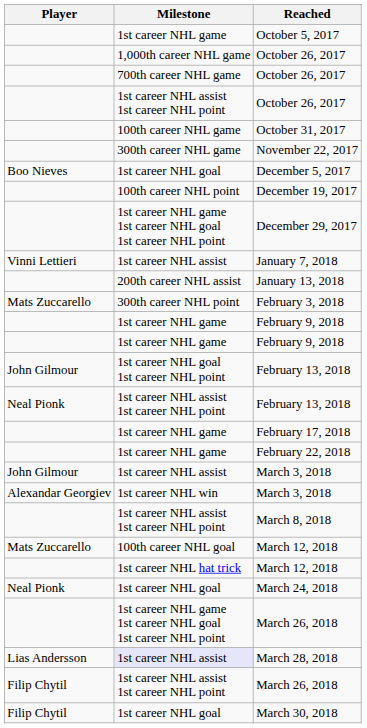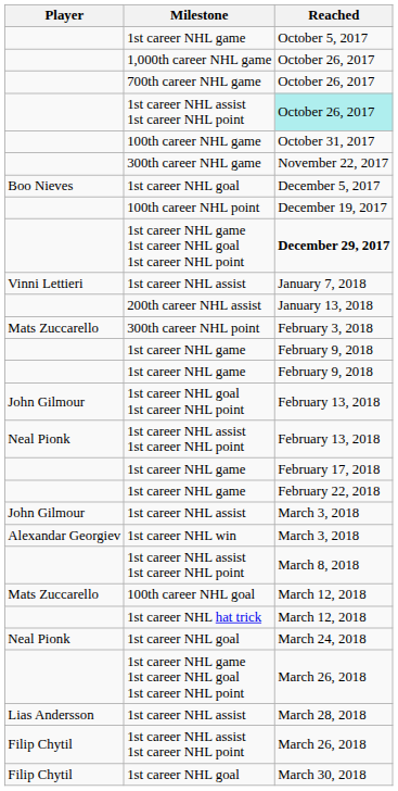 <table class="wikitable sortable" style="width:auto%;">
 <tr align=center>
 <th>Player</th>
 <th>Milestone</th>
 <th>Reached</th>
 </tr>
 <tr>
 <td></td>
 <td>1st career NHL game</td>
 <td>October 5, 2017</td>
 </tr>
 <tr>
 <td></td>
 <td>1,000th career NHL game</td>
 <td>October 26, 2017</td>
 </tr>
 <tr>
 <td></td>
 <td>700th career NHL game</td>
 <td>October 26, 2017</td>
 </tr>
 <tr>
 <td></td>
 <td>1st career NHL assist<br>1st career NHL point</td>
-<td>October 26, 2017</td>
+<td style="background: paleturquoise;">October 26, 2017</td>
 </tr>
 <tr>
 <td></td>
 <td>100th career NHL game</td>
 <td>October 31, 2017</td>
 </tr>
 <tr>
 <td></td>
 <td>300th career NHL game</td>
 <td>November 22, 2017</td>
 </tr>
 <tr>
 <td>Boo Nieves</td>
 <td>1st career NHL goal</td>
 <td>December 5, 2017</td>
 </tr>
 <tr>
 <td></td>
 <td>100th career NHL point</td>
 <td>December 19, 2017</td>
 </tr>
 <tr>
 <td></td>
 <td>1st career NHL game<br>1st career NHL goal<br>1st career NHL point</td>
-<td>December 29, 2017</td>
+<td><strong>December 29, 2017</strong></td>
 </tr>
 <tr>
 <td>Vinni Lettieri</td>
 <td>1st career NHL assist</td>
 <td>January 7, 2018</td>
 </tr>
 <tr>
 <td></td>
 <td>200th career NHL assist</td>
 <td>January 13, 2018</td>
 </tr>
 <tr>
 <td>Mats Zuccarello</td>
 <td>300th career NHL point</td>
 <td>February 3, 2018</td>
 </tr>
 <tr>
 <td></td>
 <td>1st career NHL game</td>
 <td>February 9, 2018</td>
 </tr>
 <tr>
 <td></td>
 <td>1st career NHL game</td>
 <td>February 9, 2018</td>
 </tr>
 <tr>
 <td>John Gilmour</td>
 <td>1st career NHL goal<br>1st career NHL point</td>
 <td>February 13, 2018</td>
 </tr>
 <tr>
 <td>Neal Pionk</td>
 <td>1st career NHL assist<br>1st career NHL point</td>
 <td>February 13, 2018</td>
 </tr>
 <tr>
 <td></td>
 <td>1st career NHL game</td>
 <td>February 17, 2018</td>
 </tr>
 <tr>
 <td></td>
 <td>1st career NHL game</td>
 <td>February 22, 2018</td>
 </tr>
 <tr>
 <td>John Gilmour</td>
 <td>1st career NHL assist</td>
 <td>March 3, 2018</td>
 </tr>
 <tr>
 <td>Alexandar Georgiev</td>
 <td>1st career NHL win</td>
 <td>March 3, 2018</td>
 </tr>
 <tr>
 <td></td>
 <td>1st career NHL assist<br>1st career NHL point</td>
 <td>March 8, 2018</td>
 </tr>
 <tr>
 <td>Mats Zuccarello</td>
 <td>100th career NHL goal</td>
 <td>March 12, 2018</td>
 </tr>
 <tr>
 <td></td>
 <td>1st career NHL <a href='#'>hat trick</a></td>
 <td>March 12, 2018</td>
 </tr>
 <tr>
 <td>Neal Pionk</td>
 <td>1st career NHL goal</td>
 <td>March 24, 2018</td>
 </tr>
 <tr>
 <td></td>
 <td>1st career NHL game<br>1st career NHL goal<br>1st career NHL point</td>
 <td>March 26, 2018</td>
 </tr>
 <tr>
 <td>Lias Andersson</td>
-<td style="background: lavender;">1st career NHL assist</td>
+<td>1st career NHL assist</td>
 <td>March 28, 2018</td>
 </tr>
 <tr>
 <td>Filip Chytil</td>
 <td>1st career NHL assist<br>1st career NHL point</td>
 <td>March 26, 2018</td>
 </tr>
 <tr>
 <td>Filip Chytil</td>
 <td>1st career NHL goal</td>
 <td>March 30, 2018</td>
 </tr>
 </table>
